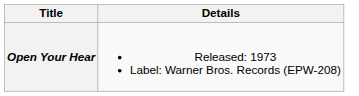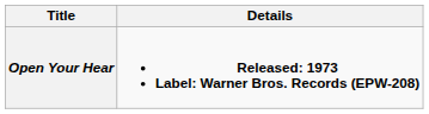 <table class="wikitable plainrowheaders" style="text-align:center;" border="1">
 <tr>
 <th>Title</th>
 <th>Details</th>
 </tr>
 <tr>
 <th scope="row"><em>Open Your Hear</em></th>
-<td><br><ul><li>Released: 1973</li><li>Label: Warner Bros. Records (EPW-208)</li></ul></td>
+<td><strong><br><ul><li>Released: 1973</li><li>Label: Warner Bros. Records (EPW-208)</li></ul></strong></td>
 </tr>
 </table>
